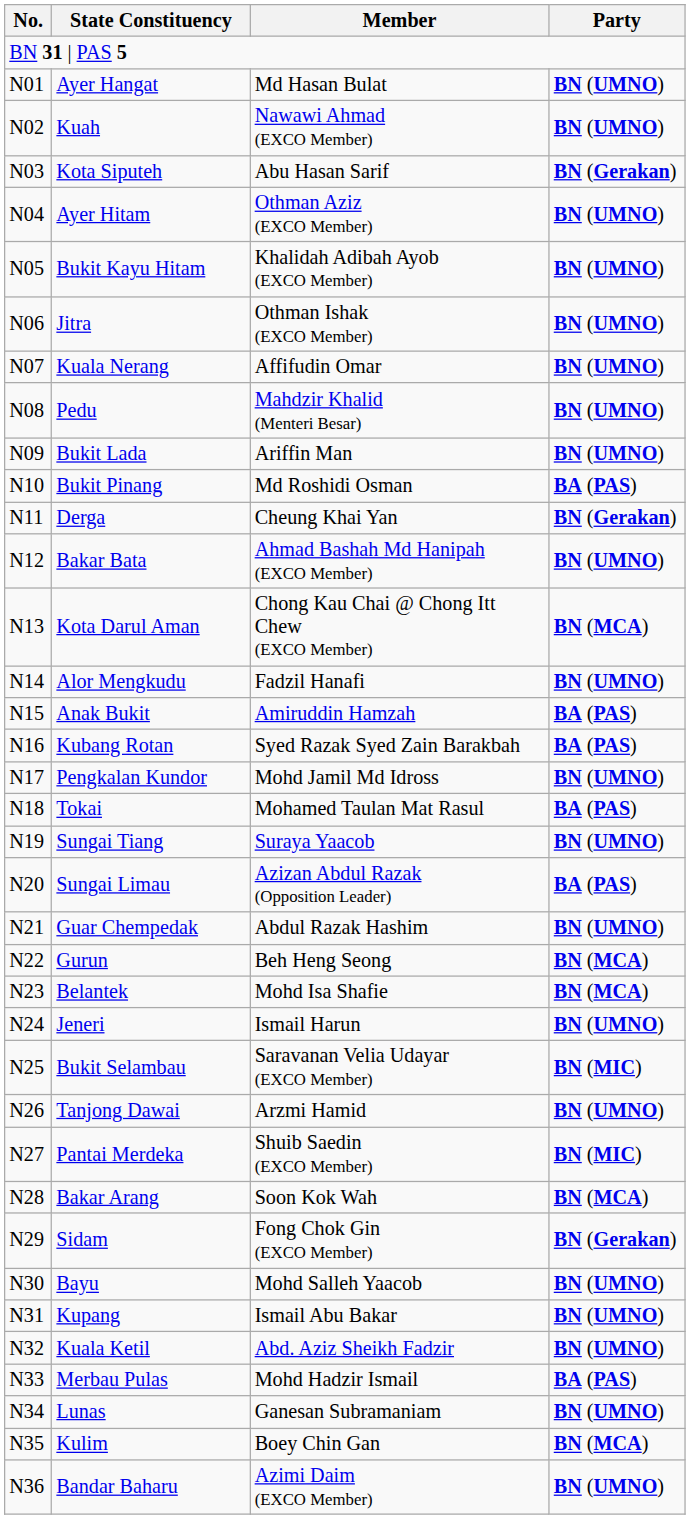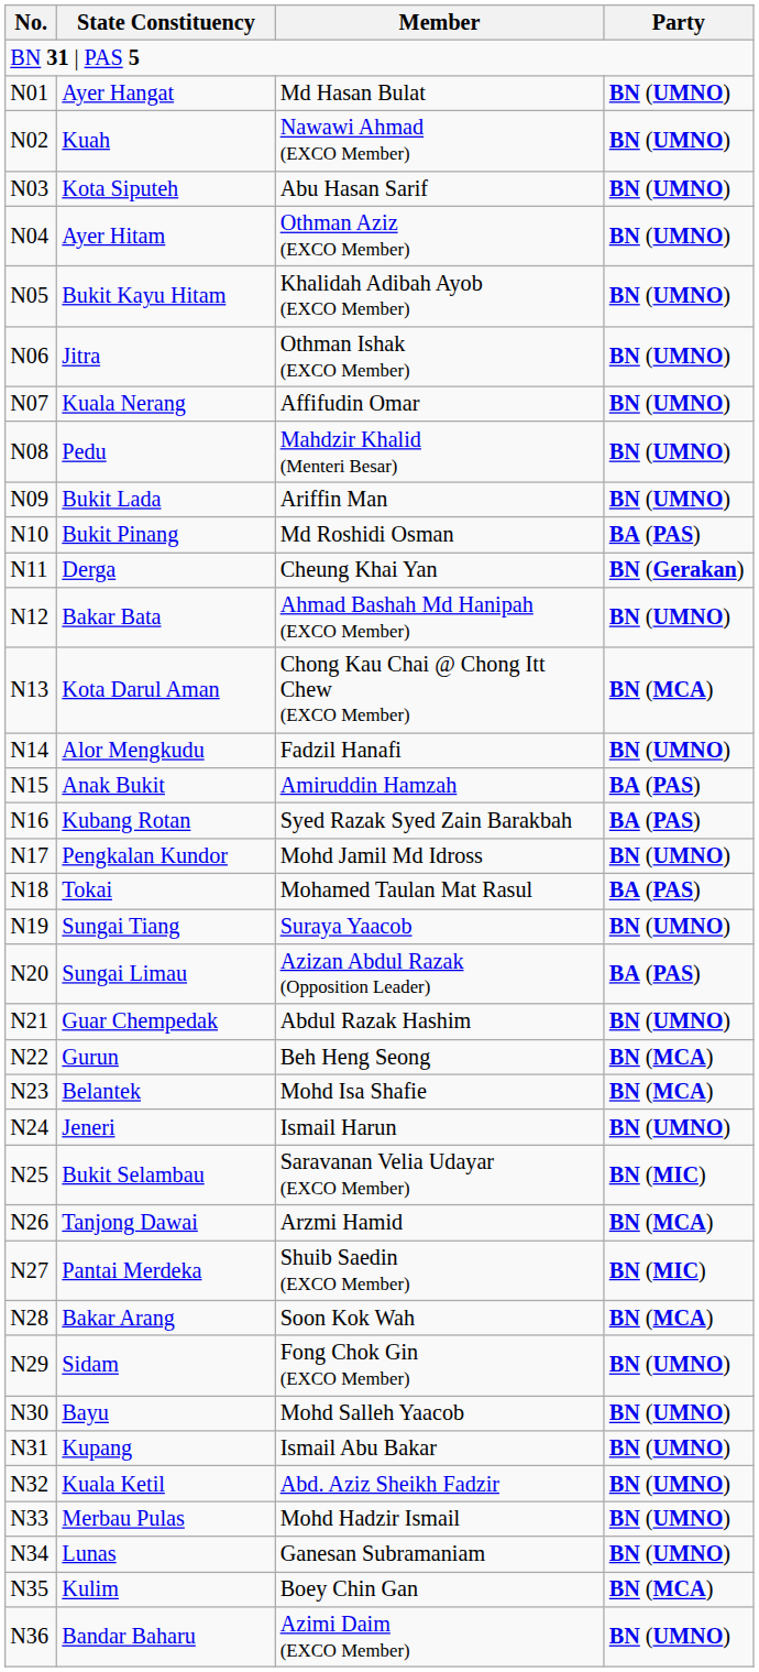 <table class="wikitable sortable">
 <tr>
 <th style="width:30px;">No.</th>
 <th style="width:150px;">State Constituency</th>
 <th style="width:230px;">Member</th>
 <th style="width:100px;">Party</th>
 </tr>
 <tr>
 <td colspan="4"><a href='#'>BN</a> <strong>31</strong> | <a href='#'>PAS</a> <strong>5</strong></td>
 </tr>
 <tr>
 <td>N01</td>
 <td><a href='#'>Ayer Hangat</a></td>
 <td>Md Hasan Bulat</td>
 <td><strong><a href='#'>BN</a></strong> (<strong><a href='#'>UMNO</a></strong>)</td>
 </tr>
 <tr>
 <td>N02</td>
 <td><a href='#'>Kuah</a></td>
 <td><a href='#'>Nawawi Ahmad</a> <br><small>(EXCO Member)</small></td>
 <td><strong><a href='#'>BN</a></strong> (<strong><a href='#'>UMNO</a></strong>)</td>
 </tr>
 <tr>
 <td>N03</td>
 <td><a href='#'>Kota Siputeh</a></td>
 <td>Abu Hasan Sarif</td>
-<td><strong><a href='#'>BN</a></strong> (<strong><a href='#'>Gerakan</a></strong>)</td>
+<td><strong><a href='#'>BN</a></strong> (<strong><a href='#'>UMNO</a></strong>)</td>
 </tr>
 <tr>
 <td>N04</td>
 <td><a href='#'>Ayer Hitam</a></td>
 <td><a href='#'>Othman Aziz</a> <br><small>(EXCO Member)</small></td>
 <td><strong><a href='#'>BN</a></strong> (<strong><a href='#'>UMNO</a></strong>)</td>
 </tr>
 <tr>
 <td>N05</td>
 <td><a href='#'>Bukit Kayu Hitam</a></td>
 <td>Khalidah Adibah Ayob <br><small>(EXCO Member)</small></td>
 <td><strong><a href='#'>BN</a></strong> (<strong><a href='#'>UMNO</a></strong>)</td>
 </tr>
 <tr>
 <td>N06</td>
 <td><a href='#'>Jitra</a></td>
 <td>Othman Ishak <br><small>(EXCO Member)</small></td>
 <td><strong><a href='#'>BN</a></strong> (<strong><a href='#'>UMNO</a></strong>)</td>
 </tr>
 <tr>
 <td>N07</td>
 <td><a href='#'>Kuala Nerang</a></td>
 <td>Affifudin Omar</td>
 <td><strong><a href='#'>BN</a></strong> (<strong><a href='#'>UMNO</a></strong>)</td>
 </tr>
 <tr>
 <td>N08</td>
 <td><a href='#'>Pedu</a></td>
 <td><a href='#'>Mahdzir Khalid</a> <br><small>(Menteri Besar)</small></td>
 <td><strong><a href='#'>BN</a></strong> (<strong><a href='#'>UMNO</a></strong>)</td>
 </tr>
 <tr>
 <td>N09</td>
 <td><a href='#'>Bukit Lada</a></td>
 <td>Ariffin Man</td>
 <td><strong><a href='#'>BN</a></strong> (<strong><a href='#'>UMNO</a></strong>)</td>
 </tr>
 <tr>
 <td>N10</td>
 <td><a href='#'>Bukit Pinang</a></td>
 <td>Md Roshidi Osman</td>
 <td><strong><a href='#'>BA</a></strong> (<strong><a href='#'>PAS</a></strong>)</td>
 </tr>
 <tr>
 <td>N11</td>
 <td><a href='#'>Derga</a></td>
 <td>Cheung Khai Yan</td>
 <td><strong><a href='#'>BN</a></strong> (<strong><a href='#'>Gerakan</a></strong>)</td>
 </tr>
 <tr>
 <td>N12</td>
 <td><a href='#'>Bakar Bata</a></td>
 <td><a href='#'>Ahmad Bashah Md Hanipah</a> <br><small>(EXCO Member)</small></td>
 <td><strong><a href='#'>BN</a></strong> (<strong><a href='#'>UMNO</a></strong>)</td>
 </tr>
 <tr>
 <td>N13</td>
 <td><a href='#'>Kota Darul Aman</a></td>
 <td>Chong Kau Chai @ Chong Itt Chew <br><small>(EXCO Member)</small></td>
 <td><strong><a href='#'>BN</a></strong> (<strong><a href='#'>MCA</a></strong>)</td>
 </tr>
 <tr>
 <td>N14</td>
 <td><a href='#'>Alor Mengkudu</a></td>
 <td>Fadzil Hanafi</td>
 <td><strong><a href='#'>BN</a></strong> (<strong><a href='#'>UMNO</a></strong>)</td>
 </tr>
 <tr>
 <td>N15</td>
 <td><a href='#'>Anak Bukit</a></td>
 <td><a href='#'>Amiruddin Hamzah</a></td>
 <td><strong><a href='#'>BA</a></strong> (<strong><a href='#'>PAS</a></strong>)</td>
 </tr>
 <tr>
 <td>N16</td>
 <td><a href='#'>Kubang Rotan</a></td>
 <td>Syed Razak Syed Zain Barakbah</td>
 <td><strong><a href='#'>BA</a></strong> (<strong><a href='#'>PAS</a></strong>)</td>
 </tr>
 <tr>
 <td>N17</td>
 <td><a href='#'>Pengkalan Kundor</a></td>
 <td>Mohd Jamil Md Idross</td>
 <td><strong><a href='#'>BN</a></strong> (<strong><a href='#'>UMNO</a></strong>)</td>
 </tr>
 <tr>
 <td>N18</td>
 <td><a href='#'>Tokai</a></td>
 <td>Mohamed Taulan Mat Rasul</td>
 <td><strong><a href='#'>BA</a></strong> (<strong><a href='#'>PAS</a></strong>)</td>
 </tr>
 <tr>
 <td>N19</td>
 <td><a href='#'>Sungai Tiang</a></td>
 <td><a href='#'>Suraya Yaacob</a></td>
 <td><strong><a href='#'>BN</a></strong> (<strong><a href='#'>UMNO</a></strong>)</td>
 </tr>
 <tr>
 <td>N20</td>
 <td><a href='#'>Sungai Limau</a></td>
 <td><a href='#'>Azizan Abdul Razak</a> <br><small>(Opposition Leader)</small></td>
 <td><strong><a href='#'>BA</a></strong> (<strong><a href='#'>PAS</a></strong>)</td>
 </tr>
 <tr>
 <td>N21</td>
 <td><a href='#'>Guar Chempedak</a></td>
 <td>Abdul Razak Hashim</td>
 <td><strong><a href='#'>BN</a></strong> (<strong><a href='#'>UMNO</a></strong>)</td>
 </tr>
 <tr>
 <td>N22</td>
 <td><a href='#'>Gurun</a></td>
 <td>Beh Heng Seong</td>
 <td><strong><a href='#'>BN</a></strong> (<strong><a href='#'>MCA</a></strong>)</td>
 </tr>
 <tr>
 <td>N23</td>
 <td><a href='#'>Belantek</a></td>
 <td>Mohd Isa Shafie</td>
 <td><strong><a href='#'>BN</a></strong> (<strong><a href='#'>MCA</a></strong>)</td>
 </tr>
 <tr>
 <td>N24</td>
 <td><a href='#'>Jeneri</a></td>
 <td>Ismail Harun</td>
 <td><strong><a href='#'>BN</a></strong> (<strong><a href='#'>UMNO</a></strong>)</td>
 </tr>
 <tr>
 <td>N25</td>
 <td><a href='#'>Bukit Selambau</a></td>
 <td>Saravanan Velia Udayar <br><small>(EXCO Member)</small></td>
 <td><strong><a href='#'>BN</a></strong> (<strong><a href='#'>MIC</a></strong>)</td>
 </tr>
 <tr>
 <td>N26</td>
 <td><a href='#'>Tanjong Dawai</a></td>
 <td>Arzmi Hamid</td>
-<td><strong><a href='#'>BN</a></strong> (<strong><a href='#'>UMNO</a></strong>)</td>
+<td><strong><a href='#'>BN</a></strong> (<strong><a href='#'>MCA</a></strong>)</td>
 </tr>
 <tr>
 <td>N27</td>
 <td><a href='#'>Pantai Merdeka</a></td>
 <td>Shuib Saedin <br><small>(EXCO Member)</small></td>
 <td><strong><a href='#'>BN</a></strong> (<strong><a href='#'>MIC</a></strong>)</td>
 </tr>
 <tr>
 <td>N28</td>
 <td><a href='#'>Bakar Arang</a></td>
 <td>Soon Kok Wah</td>
 <td><strong><a href='#'>BN</a></strong> (<strong><a href='#'>MCA</a></strong>)</td>
 </tr>
 <tr>
 <td>N29</td>
 <td><a href='#'>Sidam</a></td>
 <td>Fong Chok Gin <br><small>(EXCO Member)</small></td>
-<td><strong><a href='#'>BN</a></strong> (<strong><a href='#'>Gerakan</a></strong>)</td>
+<td><strong><a href='#'>BN</a></strong> (<strong><a href='#'>UMNO</a></strong>)</td>
 </tr>
 <tr>
 <td>N30</td>
 <td><a href='#'>Bayu</a></td>
 <td>Mohd Salleh Yaacob</td>
 <td><strong><a href='#'>BN</a></strong> (<strong><a href='#'>UMNO</a></strong>)</td>
 </tr>
 <tr>
 <td>N31</td>
 <td><a href='#'>Kupang</a></td>
 <td>Ismail Abu Bakar</td>
 <td><strong><a href='#'>BN</a></strong> (<strong><a href='#'>UMNO</a></strong>)</td>
 </tr>
 <tr>
 <td>N32</td>
 <td><a href='#'>Kuala Ketil</a></td>
 <td><a href='#'>Abd. Aziz Sheikh Fadzir</a></td>
 <td><strong><a href='#'>BN</a></strong> (<strong><a href='#'>UMNO</a></strong>)</td>
 </tr>
 <tr>
 <td>N33</td>
 <td><a href='#'>Merbau Pulas</a></td>
 <td>Mohd Hadzir Ismail</td>
-<td><strong><a href='#'>BA</a></strong> (<strong><a href='#'>PAS</a></strong>)</td>
+<td><strong><a href='#'>BN</a></strong> (<strong><a href='#'>UMNO</a></strong>)</td>
 </tr>
 <tr>
 <td>N34</td>
 <td><a href='#'>Lunas</a></td>
 <td>Ganesan Subramaniam</td>
 <td><strong><a href='#'>BN</a></strong> (<strong><a href='#'>UMNO</a></strong>)</td>
 </tr>
 <tr>
 <td>N35</td>
 <td><a href='#'>Kulim</a></td>
 <td>Boey Chin Gan</td>
 <td><strong><a href='#'>BN</a></strong> (<strong><a href='#'>MCA</a></strong>)</td>
 </tr>
 <tr>
 <td>N36</td>
 <td><a href='#'>Bandar Baharu</a></td>
 <td><a href='#'>Azimi Daim</a> <br><small>(EXCO Member)</small></td>
 <td><strong><a href='#'>BN</a></strong> (<strong><a href='#'>UMNO</a></strong>)</td>
 </tr>
 </table>
